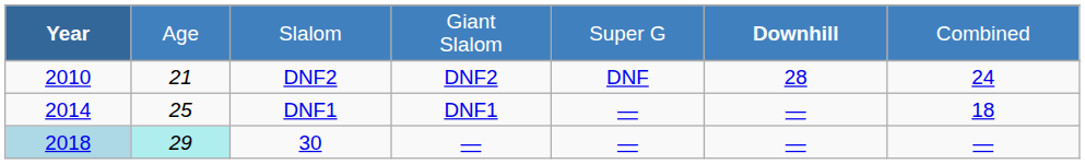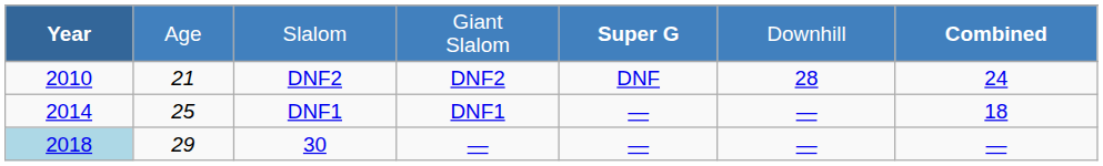 <table class="wikitable" style="font-size:95%; text-align:center; border:grey solid 1px; border-collapse:collapse;" width="40%">
 <tr style="background-color:#369; color:white;">
 <td rowspan="2" colspan="1" width="4%"><strong>Year</strong></td>
 </tr>
 <tr style="background-color:#4180be; color:white;">
 <td width="3%">Age</td>
 <td width="5%">Slalom</td>
 <td width="5%">Giant<br>Slalom</td>
-<td width="5%">Super G</td>
-<td width="5%"><strong>Downhill</strong></td>
-<td width="5%">Combined</td>
+<td width="5%"><strong>Super G</strong></td>
+<td width="5%">Downhill</td>
+<td width="5%"><strong>Combined</strong></td>
 </tr>
 <tr style="background-color:#8CB2D8; color:white;">
 </tr>
 <tr>
 <td><a href='#'>2010</a></td>
 <td><em>21</em></td>
 <td><a href='#'>DNF2</a></td>
 <td><a href='#'>DNF2</a></td>
 <td><a href='#'>DNF</a></td>
 <td><a href='#'>28</a></td>
 <td><a href='#'>24</a></td>
 </tr>
 <tr>
 <td><a href='#'>2014</a></td>
 <td><em>25</em></td>
 <td><a href='#'>DNF1</a></td>
 <td><a href='#'>DNF1</a></td>
 <td><a href='#'>—</a></td>
 <td><a href='#'>—</a></td>
 <td><a href='#'>18</a></td>
 </tr>
 <tr>
 <td style="background: lightblue;"><a href='#'>2018</a></td>
-<td style="background: paleturquoise;"><em>29</em></td>
+<td><em>29</em></td>
 <td><a href='#'>30</a></td>
 <td><a href='#'>—</a></td>
 <td><a href='#'>—</a></td>
 <td><a href='#'>—</a></td>
 <td><a href='#'>—</a></td>
 </tr>
 </table>
